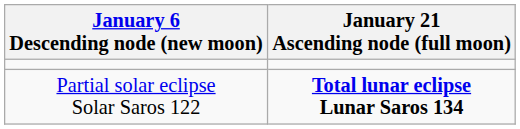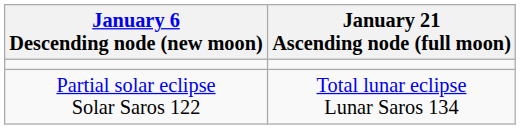 <table class="wikitable">
 <tr>
 <th><a href='#'>January 6</a><br>Descending node (new moon)<br></th>
 <th>January 21<br>Ascending node (full moon)<br></th>
 </tr>
 <tr>
 <td></td>
 <td></td>
 </tr>
 <tr align=center>
 <td><a href='#'>Partial solar eclipse</a><br>Solar Saros 122</td>
-<td><strong><a href='#'>Total lunar eclipse</a><br>Lunar Saros 134</strong></td>
+<td><a href='#'>Total lunar eclipse</a><br>Lunar Saros 134</td>
 </tr>
 </table>
